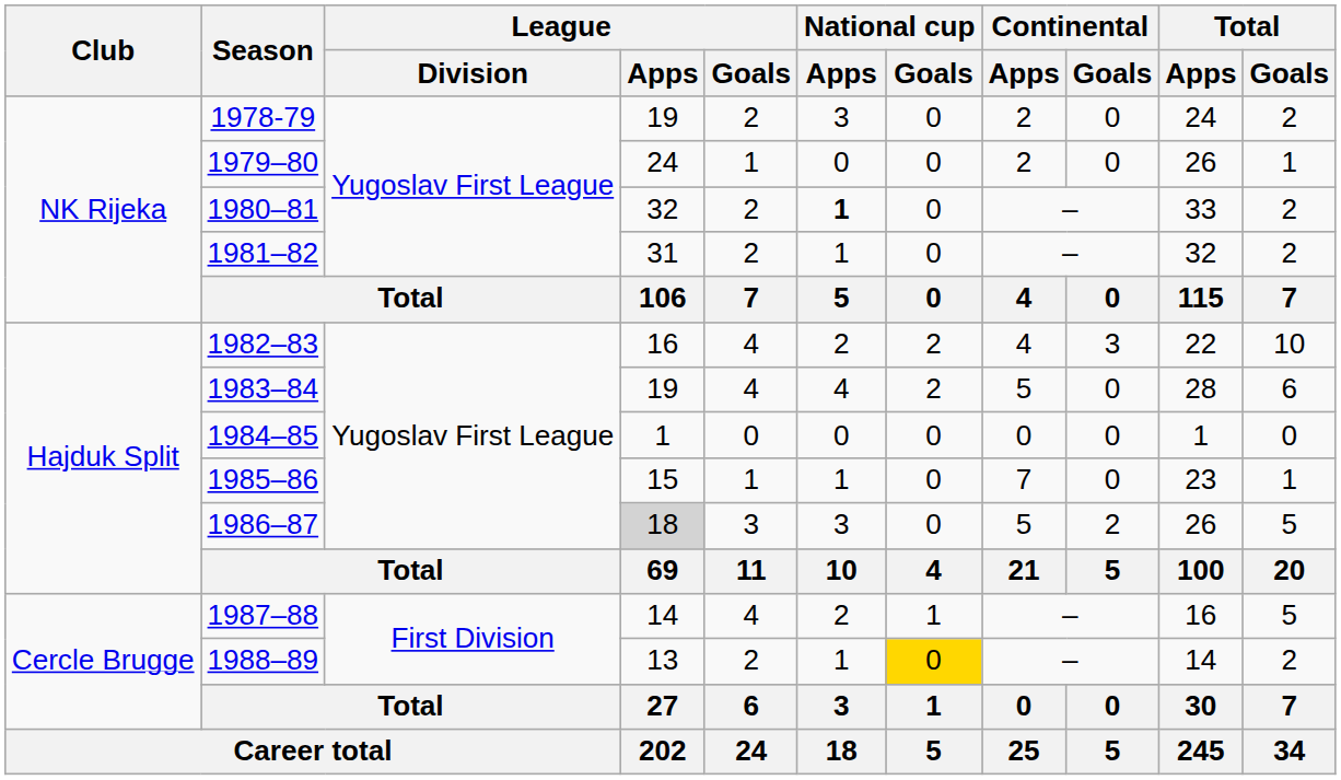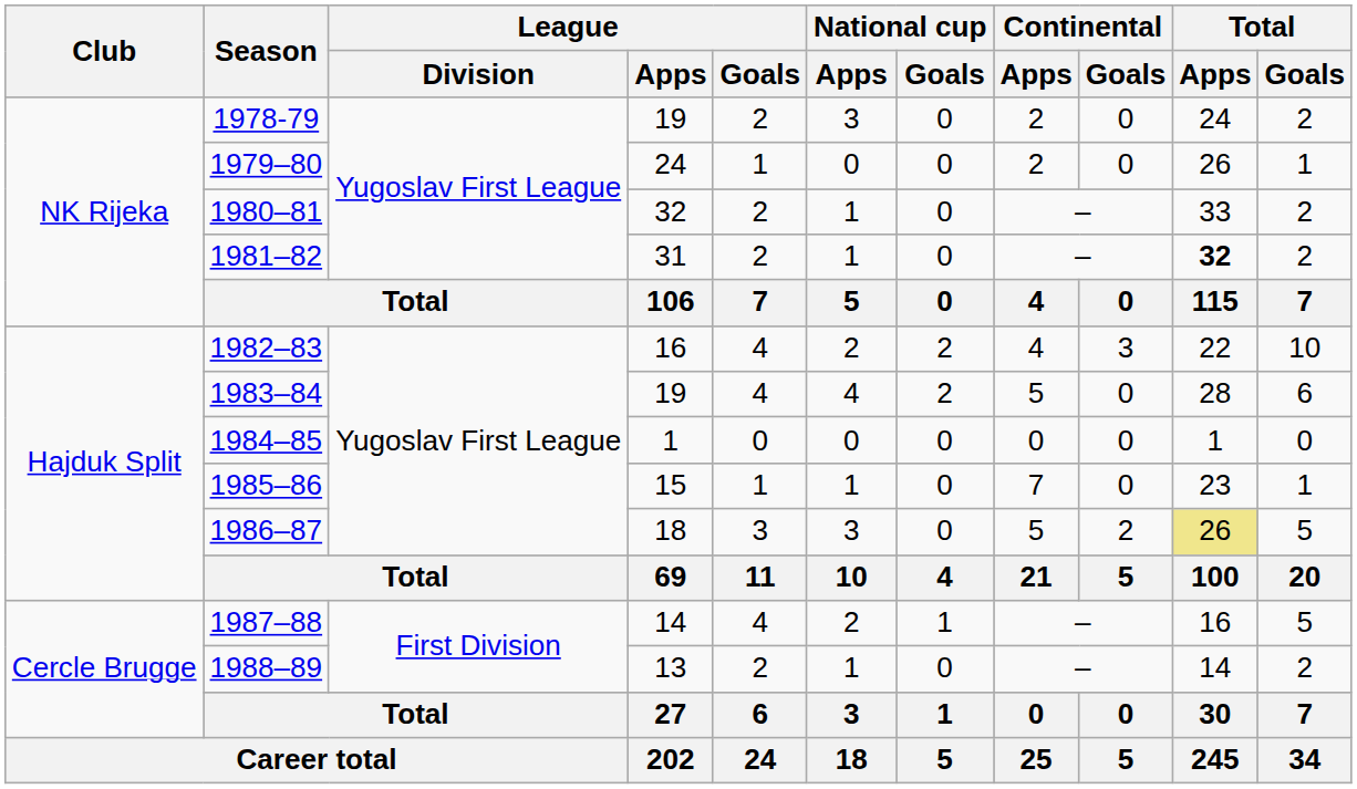 <table class="wikitable" style="text-align:center">
 <tr>
 <th rowspan="2">Club</th>
 <th rowspan="2">Season</th>
 <th colspan="3">League</th>
 <th colspan="2">National cup</th>
 <th colspan="2">Continental</th>
 <th colspan="2">Total</th>
 </tr>
 <tr>
 <th>Division</th>
 <th>Apps</th>
 <th>Goals</th>
 <th>Apps</th>
 <th>Goals</th>
 <th>Apps</th>
 <th>Goals</th>
 <th>Apps</th>
 <th>Goals</th>
 </tr>
 <tr>
 <td rowspan="5"><a href='#'>NK Rijeka</a></td>
 <td><a href='#'>1978-79</a></td>
 <td rowspan="4"><a href='#'>Yugoslav First League</a></td>
 <td>19</td>
 <td>2</td>
 <td>3</td>
 <td>0</td>
 <td>2</td>
 <td>0</td>
 <td>24</td>
 <td>2</td>
 </tr>
 <tr>
 <td><a href='#'>1979–80</a></td>
 <td>24</td>
 <td>1</td>
 <td>0</td>
 <td>0</td>
 <td>2</td>
 <td>0</td>
 <td>26</td>
 <td>1</td>
 </tr>
 <tr>
 <td><a href='#'>1980–81</a></td>
 <td>32</td>
 <td>2</td>
-<td><strong>1</strong></td>
+<td>1</td>
 <td>0</td>
 <td colspan="2">–</td>
 <td>33</td>
 <td>2</td>
 </tr>
 <tr>
 <td><a href='#'>1981–82</a></td>
 <td>31</td>
 <td>2</td>
 <td>1</td>
 <td>0</td>
 <td colspan="2">–</td>
-<td>32</td>
+<td><strong>32</strong></td>
 <td>2</td>
 </tr>
 <tr>
 <th colspan="2">Total</th>
 <th>106</th>
 <th>7</th>
 <th>5</th>
 <th>0</th>
 <th>4</th>
 <th>0</th>
 <th>115</th>
 <th>7</th>
 </tr>
 <tr>
 <td rowspan="6"><a href='#'>Hajduk Split</a></td>
 <td><a href='#'>1982–83</a></td>
 <td rowspan="5">Yugoslav First League</td>
 <td>16</td>
 <td>4</td>
 <td>2</td>
 <td>2</td>
 <td>4</td>
 <td>3</td>
 <td>22</td>
 <td>10</td>
 </tr>
 <tr>
 <td><a href='#'>1983–84</a></td>
 <td>19</td>
 <td>4</td>
 <td>4</td>
 <td>2</td>
 <td>5</td>
 <td>0</td>
 <td>28</td>
 <td>6</td>
 </tr>
 <tr>
 <td><a href='#'>1984–85</a></td>
 <td>1</td>
 <td>0</td>
 <td>0</td>
 <td>0</td>
 <td>0</td>
 <td>0</td>
 <td>1</td>
 <td>0</td>
 </tr>
 <tr>
 <td><a href='#'>1985–86</a></td>
 <td>15</td>
 <td>1</td>
 <td>1</td>
 <td>0</td>
 <td>7</td>
 <td>0</td>
 <td>23</td>
 <td>1</td>
 </tr>
 <tr>
 <td><a href='#'>1986–87</a></td>
-<td style="background: lightgrey;">18</td>
+<td>18</td>
 <td>3</td>
 <td>3</td>
 <td>0</td>
 <td>5</td>
 <td>2</td>
-<td>26</td>
+<td style="background: khaki;">26</td>
 <td>5</td>
 </tr>
 <tr>
 <th colspan="2">Total</th>
 <th>69</th>
 <th>11</th>
 <th>10</th>
 <th>4</th>
 <th>21</th>
 <th>5</th>
 <th>100</th>
 <th>20</th>
 </tr>
 <tr>
 <td rowspan="3"><a href='#'>Cercle Brugge</a></td>
 <td><a href='#'>1987–88</a></td>
 <td rowspan="2"><a href='#'>First Division</a></td>
 <td>14</td>
 <td>4</td>
 <td>2</td>
 <td>1</td>
 <td colspan="2">–</td>
 <td>16</td>
 <td>5</td>
 </tr>
 <tr>
 <td><a href='#'>1988–89</a></td>
 <td>13</td>
 <td>2</td>
 <td>1</td>
-<td style="background: gold;">0</td>
+<td>0</td>
 <td colspan="2">–</td>
 <td>14</td>
 <td>2</td>
 </tr>
 <tr>
 <th colspan="2">Total</th>
 <th>27</th>
 <th>6</th>
 <th>3</th>
 <th>1</th>
 <th>0</th>
 <th>0</th>
 <th>30</th>
 <th>7</th>
 </tr>
 <tr>
 <th colspan="3">Career total</th>
 <th>202</th>
 <th>24</th>
 <th>18</th>
 <th>5</th>
 <th>25</th>
 <th>5</th>
 <th>245</th>
 <th>34</th>
 </tr>
 </table>
